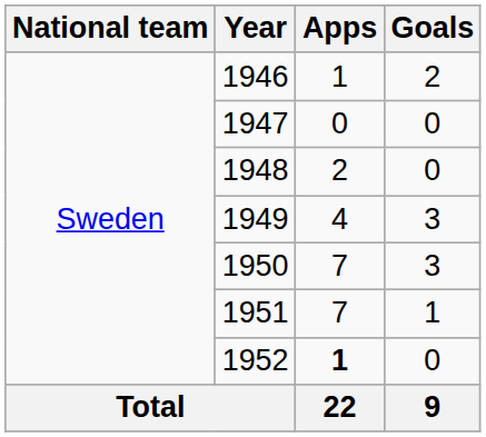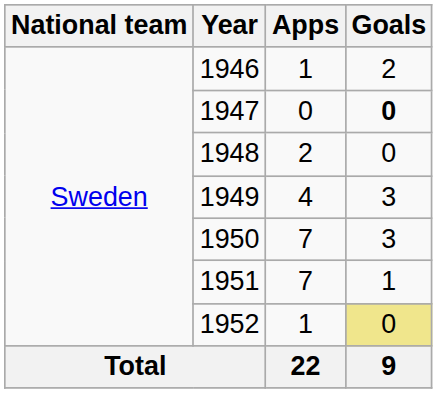 <table class="wikitable" style="text-align:center">
 <tr>
 <th>National team</th>
 <th>Year</th>
 <th>Apps</th>
 <th>Goals</th>
 </tr>
 <tr>
 <td rowspan="7"><a href='#'>Sweden</a></td>
 <td>1946</td>
 <td>1</td>
 <td>2</td>
 </tr>
 <tr>
 <td>1947</td>
 <td>0</td>
-<td>0</td>
+<td><strong>0</strong></td>
 </tr>
 <tr>
 <td>1948</td>
 <td>2</td>
 <td>0</td>
 </tr>
 <tr>
 <td>1949</td>
 <td>4</td>
 <td>3</td>
 </tr>
 <tr>
 <td>1950</td>
 <td>7</td>
 <td>3</td>
 </tr>
 <tr>
 <td>1951</td>
 <td>7</td>
 <td>1</td>
 </tr>
 <tr>
 <td>1952</td>
-<td><strong>1</strong></td>
-<td>0</td>
+<td>1</td>
+<td style="background: khaki;">0</td>
 </tr>
 <tr>
 <th colspan="2">Total</th>
 <th>22</th>
 <th>9</th>
 </tr>
 </table>
